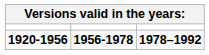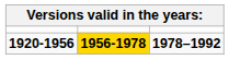 <table class="wikitable" style="margin:0.3em auto">
 <tr>
 <th class="hintergrundfarbe8" colspan="3">Versions valid in the years:</th>
 </tr>
 <tr align="center" bgcolor="#FFFFFF">
 <td></td>
 <td></td>
 <td></td>
 </tr>
 <tr class="hintergrundfarbe8" align="center">
 <td><strong>1920-1956</strong></td>
-<td><strong>1956-1978</strong></td>
+<td style="background: gold;"><strong>1956-1978</strong></td>
 <td><strong>1978–1992</strong></td>
 </tr>
 </table>
